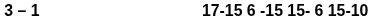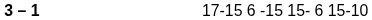 <table width=100% cellspacing=1>
 <tr>
 <th width=20%></th>
 <th width=12%></th>
 <th width=20%></th>
 <th width=33%></th>
 <td></td>
 </tr>
 <tr style=font-size:90%>
 <td align=right></td>
 <td align=center><strong>3 – 1</strong></td>
 <td><strong></strong></td>
-<td><strong>17-15 6 -15 15- 6 15-10</strong></td>
+<td>17-15 6 -15 15- 6 15-10</td>
 </tr>
 </table>
